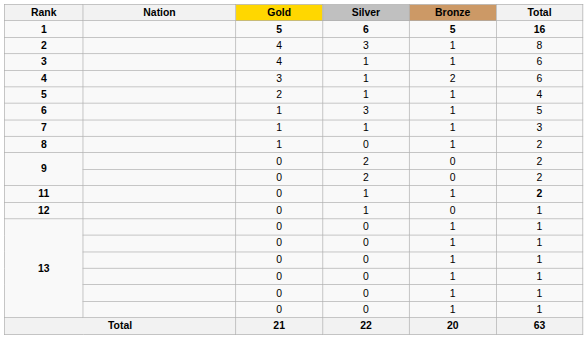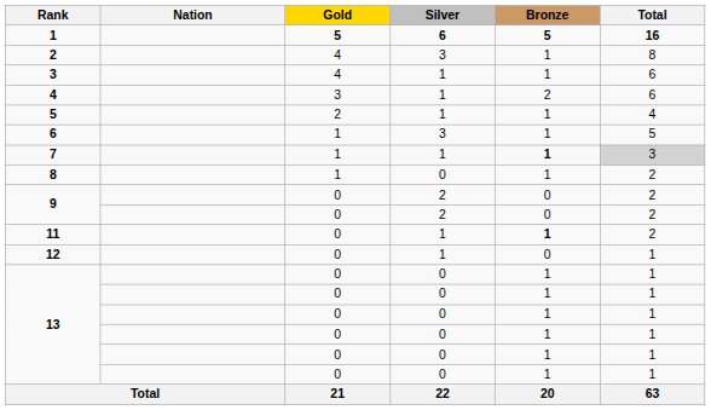 <table class="wikitable collapsible autocollapse plainrowheaders" width=70.5% style="text-align:center;">
 <tr style="background-color:#EDEDED;">
 <th width=100px class="hintergrundfarbe5">Rank</th>
 <th width=200px class="hintergrundfarbe6">Nation</th>
 <th style="background:    gold; width:15%">Gold</th>
 <th style="background:  silver; width:15%">Silver</th>
 <th style="background: #CC9966; width:15%">Bronze</th>
 <th class="hintergrundfarbe6" style="width:15%">Total</th>
 </tr>
 <tr>
 <td><strong>1</strong></td>
 <td align=left></td>
 <td><strong>5</strong></td>
 <td><strong>6</strong></td>
 <td><strong>5</strong></td>
 <td><strong>16</strong></td>
 </tr>
 <tr>
 <td><strong>2</strong></td>
 <td align=left></td>
 <td>4</td>
 <td>3</td>
 <td>1</td>
 <td>8</td>
 </tr>
 <tr>
 <td><strong>3</strong></td>
 <td align=left><em></em></td>
 <td>4</td>
 <td>1</td>
 <td>1</td>
 <td>6</td>
 </tr>
 <tr>
 <td><strong>4</strong></td>
 <td align=left></td>
 <td>3</td>
 <td>1</td>
 <td>2</td>
 <td>6</td>
 </tr>
 <tr>
 <td><strong>5</strong></td>
 <td align=left></td>
 <td>2</td>
 <td>1</td>
 <td>1</td>
 <td>4</td>
 </tr>
 <tr>
 <td><strong>6</strong></td>
 <td align=left></td>
 <td>1</td>
 <td>3</td>
 <td>1</td>
 <td>5</td>
 </tr>
 <tr>
 <td><strong>7</strong></td>
 <td align=left><em></em></td>
 <td>1</td>
 <td>1</td>
-<td>1</td>
-<td>3</td>
+<td><strong>1</strong></td>
+<td style="background: lightgrey;">3</td>
 </tr>
 <tr>
 <td><strong>8</strong></td>
 <td align=left></td>
 <td>1</td>
 <td>0</td>
 <td>1</td>
 <td>2</td>
 </tr>
 <tr>
 <td rowspan=2><strong>9</strong></td>
 <td align=left></td>
 <td>0</td>
 <td>2</td>
 <td>0</td>
 <td>2</td>
 </tr>
 <tr>
 <td align=left></td>
 <td>0</td>
 <td>2</td>
 <td>0</td>
 <td>2</td>
 </tr>
 <tr>
 <td><strong>11</strong></td>
 <td align=left></td>
 <td>0</td>
 <td>1</td>
-<td>1</td>
-<td><strong>2</strong></td>
+<td><strong>1</strong></td>
+<td>2</td>
 </tr>
 <tr>
 <td><strong>12</strong></td>
 <td align=left></td>
 <td>0</td>
 <td>1</td>
 <td>0</td>
 <td>1</td>
 </tr>
 <tr>
 <td rowspan=6><strong>13</strong></td>
 <td align=left></td>
 <td>0</td>
 <td>0</td>
 <td>1</td>
 <td>1</td>
 </tr>
 <tr>
 <td align=left></td>
 <td>0</td>
 <td>0</td>
 <td>1</td>
 <td>1</td>
 </tr>
 <tr>
 <td align=left></td>
 <td>0</td>
 <td>0</td>
 <td>1</td>
 <td>1</td>
 </tr>
 <tr>
 <td align=left></td>
 <td>0</td>
 <td>0</td>
 <td>1</td>
 <td>1</td>
 </tr>
 <tr>
 <td align=left></td>
 <td>0</td>
 <td>0</td>
 <td>1</td>
 <td>1</td>
 </tr>
 <tr>
 <td align=left></td>
 <td>0</td>
 <td>0</td>
 <td>1</td>
 <td>1</td>
 </tr>
 <tr>
 <th colspan=2>Total</th>
 <th>21</th>
 <th>22</th>
 <th>20</th>
 <th>63</th>
 </tr>
 </table>
